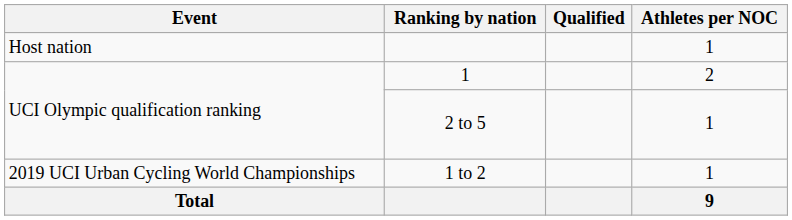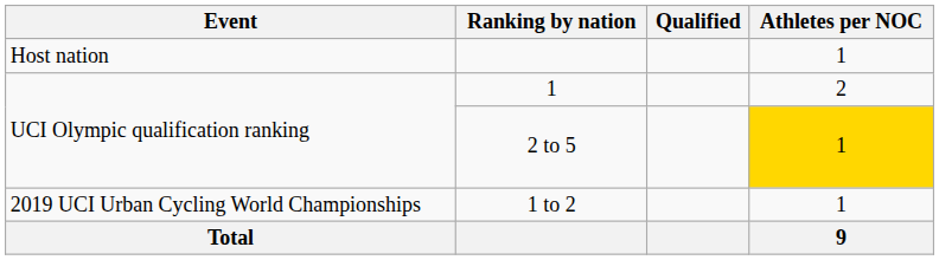 <table class="wikitable"  style="width:700px; text-align:center;">
 <tr>
 <th>Event</th>
 <th>Ranking by nation</th>
 <th>Qualified</th>
 <th>Athletes per NOC</th>
 </tr>
 <tr>
 <td align=left>Host nation</td>
 <td></td>
 <td align=left></td>
 <td>1</td>
 </tr>
 <tr>
 <td rowspan=2 align=left>UCI Olympic qualification ranking</td>
 <td>1</td>
 <td align="left"></td>
 <td>2</td>
 </tr>
 <tr>
 <td>2 to 5</td>
 <td align="left"><br><br><br></td>
-<td>1</td>
+<td style="background: gold;">1</td>
 </tr>
 <tr>
 <td align=left>2019 UCI Urban Cycling World Championships</td>
 <td>1 to 2</td>
 <td align="left"><br></td>
 <td>1</td>
 </tr>
 <tr>
 <th>Total</th>
 <th></th>
 <th></th>
 <th>9</th>
 </tr>
 </table>
